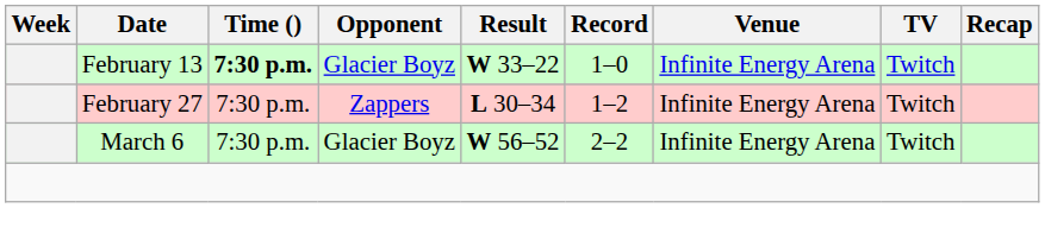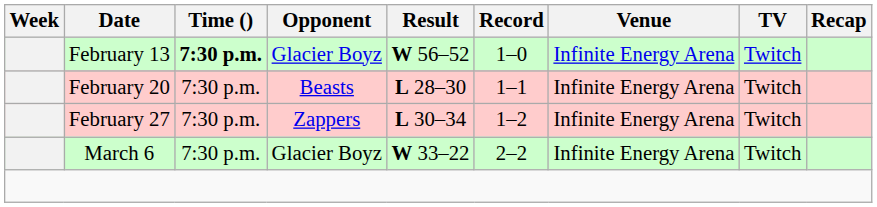 <table class="wikitable" style="text-align:center">
 <tr>
 <th>Week</th>
 <th>Date</th>
 <th>Time (<a href='#'></a>)</th>
 <th>Opponent</th>
 <th>Result</th>
 <th>Record</th>
 <th>Venue</th>
 <th>TV</th>
 <th>Recap</th>
 </tr>
 <tr style="background:#cfc">
 <th><a href='#'></a></th>
 <td>February 13</td>
 <td><strong>7:30 p.m.</strong></td>
 <td><a href='#'>Glacier Boyz</a></td>
-<td><strong>W</strong> 33–22</td>
+<td><strong>W</strong> 56–52</td>
 <td>1–0</td>
 <td><a href='#'>Infinite Energy Arena</a></td>
 <td><a href='#'>Twitch</a></td>
+<td></td>
+</tr>
+<tr style="background:#fcc">
+<th><a href='#'></a></th>
+<td>February 20</td>
+<td>7:30 p.m.</td>
+<td><a href='#'>Beasts</a></td>
+<td><strong>L</strong> 28–30</td>
+<td>1–1</td>
+<td>Infinite Energy Arena</td>
+<td>Twitch</td>
 <td></td>
 </tr>
 <tr style="background:#fcc">
 <th><a href='#'></a></th>
 <td>February 27</td>
 <td>7:30 p.m.</td>
 <td><a href='#'>Zappers</a></td>
 <td><strong>L</strong> 30–34</td>
 <td>1–2</td>
 <td>Infinite Energy Arena</td>
 <td>Twitch</td>
 <td></td>
 </tr>
 <tr style="background:#cfc">
 <th><a href='#'></a></th>
 <td>March 6</td>
 <td>7:30 p.m.</td>
 <td>Glacier Boyz</td>
-<td><strong>W</strong> 56–52</td>
+<td><strong>W</strong> 33–22</td>
 <td>2–2</td>
 <td>Infinite Energy Arena</td>
 <td>Twitch</td>
 <td></td>
 </tr>
 <tr>
 <td colspan=9><br></td>
 </tr>
 </table>
